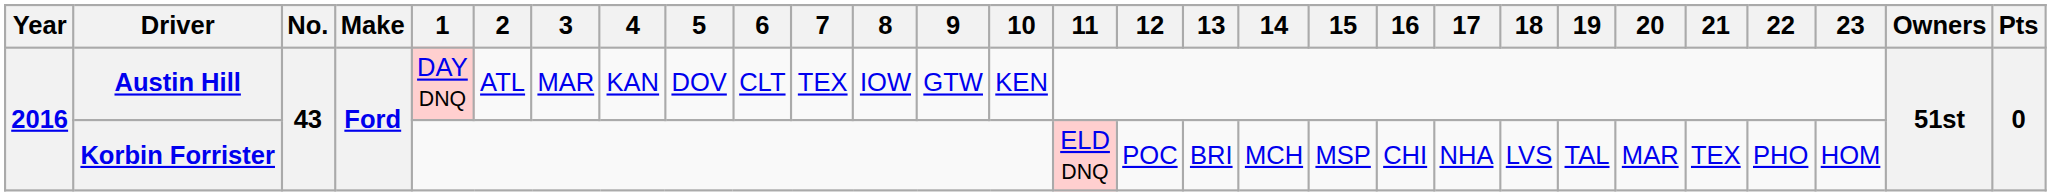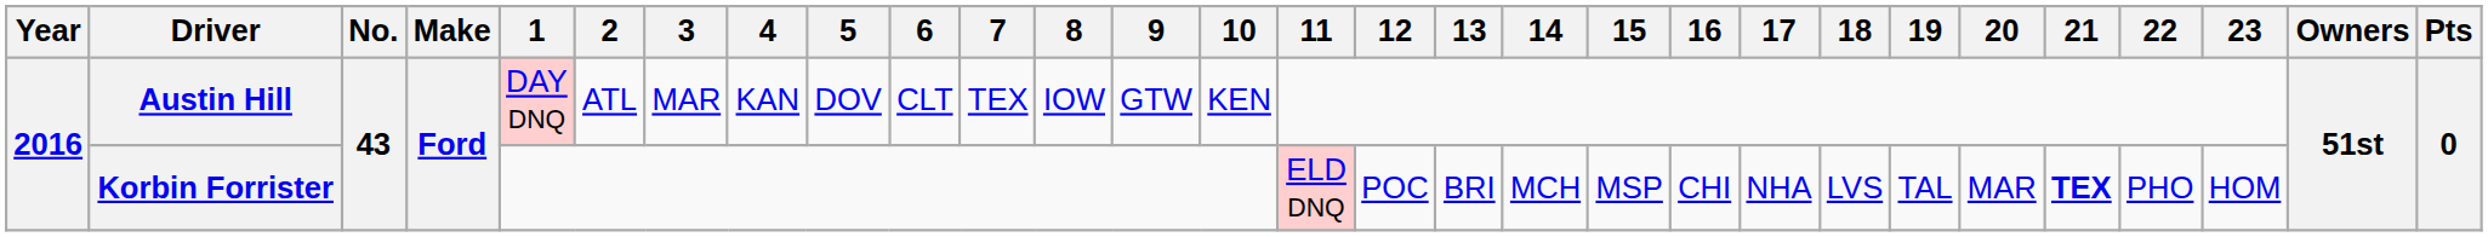 <table class="wikitable" style="text-align:center; font-size:75%">
 <tr>
 <th>Year</th>
 <th>Driver</th>
 <th>No.</th>
 <th>Make</th>
 <th>1</th>
 <th>2</th>
 <th>3</th>
 <th>4</th>
 <th>5</th>
 <th>6</th>
 <th>7</th>
 <th>8</th>
 <th>9</th>
 <th>10</th>
 <th>11</th>
 <th>12</th>
 <th>13</th>
 <th>14</th>
 <th>15</th>
 <th>16</th>
 <th>17</th>
 <th>18</th>
 <th>19</th>
 <th>20</th>
 <th>21</th>
 <th>22</th>
 <th>23</th>
 <th>Owners</th>
 <th>Pts</th>
 </tr>
 <tr>
 <th rowspan=2><a href='#'>2016</a></th>
 <th><a href='#'>Austin Hill</a></th>
 <th rowspan=2>43</th>
 <th rowspan=2><a href='#'>Ford</a></th>
 <td style="background:#FFCFCF;"><a href='#'>DAY</a><br><small>DNQ</small></td>
 <td><a href='#'>ATL</a></td>
 <td><a href='#'>MAR</a></td>
 <td><a href='#'>KAN</a></td>
 <td><a href='#'>DOV</a></td>
 <td><a href='#'>CLT</a></td>
 <td><a href='#'>TEX</a></td>
 <td><a href='#'>IOW</a></td>
 <td><a href='#'>GTW</a></td>
 <td><a href='#'>KEN</a></td>
 <td colspan=13></td>
 <th rowspan=2>51st</th>
 <th rowspan=2>0</th>
 </tr>
 <tr>
 <th><a href='#'>Korbin Forrister</a></th>
 <td colspan=10></td>
 <td style="background:#FFCFCF;"><a href='#'>ELD</a><br><small>DNQ</small></td>
 <td><a href='#'>POC</a></td>
 <td><a href='#'>BRI</a></td>
 <td><a href='#'>MCH</a></td>
 <td><a href='#'>MSP</a></td>
 <td><a href='#'>CHI</a></td>
 <td><a href='#'>NHA</a></td>
 <td><a href='#'>LVS</a></td>
 <td><a href='#'>TAL</a></td>
 <td><a href='#'>MAR</a></td>
-<td><a href='#'>TEX</a></td>
+<td><strong><a href='#'>TEX</a></strong></td>
 <td><a href='#'>PHO</a></td>
 <td><a href='#'>HOM</a></td>
 </tr>
 </table>
